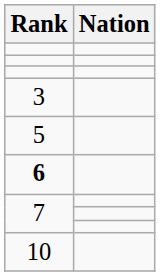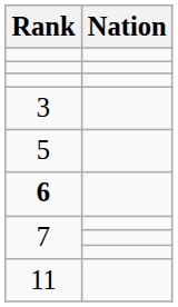 <table class="wikitable sortable" style="text-align:center">
 <tr>
 <th>Rank</th>
 <th>Nation</th>
 </tr>
 <tr>
 <td></td>
 <td align=left></td>
 </tr>
 <tr>
 <td></td>
 <td align=left></td>
 </tr>
 <tr>
 <td></td>
 <td align=left></td>
 </tr>
 <tr>
 <td>3</td>
 <td align=left></td>
 </tr>
 <tr>
 <td>5</td>
 <td align=left></td>
 </tr>
 <tr>
 <td><strong>6</strong></td>
 <td align=left></td>
 </tr>
 <tr>
 <td rowspan=3>7</td>
 <td align=left></td>
 </tr>
 <tr>
 <td align=left></td>
 </tr>
 <tr>
 <td align=left></td>
 </tr>
 <tr>
-<td>10</td>
+<td>11</td>
 <td align=left></td>
 </tr>
 </table>
